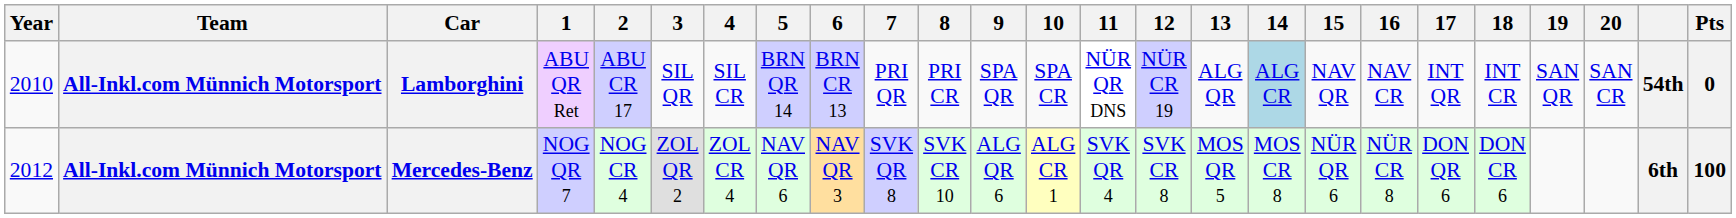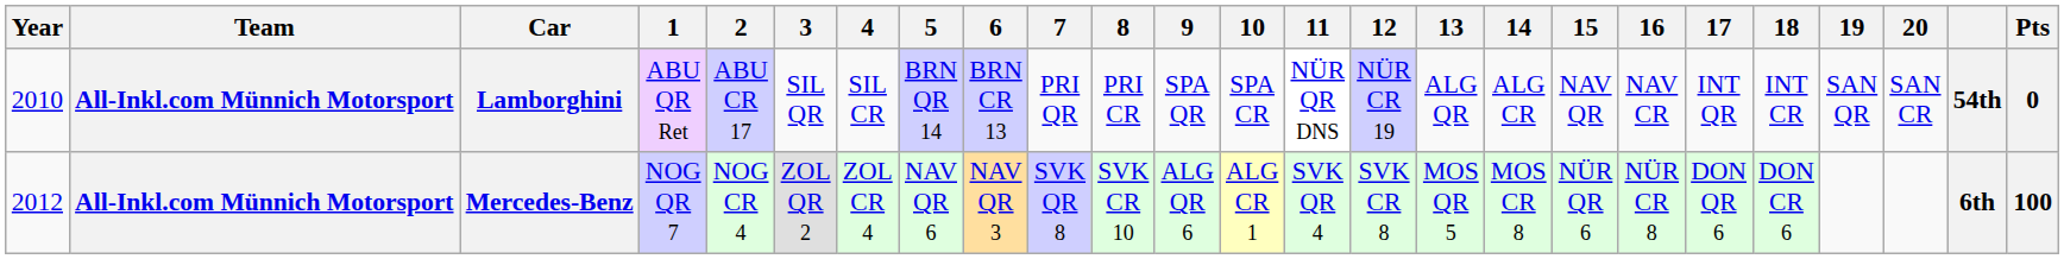 <table class="wikitable" border="1" style="text-align:center; font-size:90%;">
 <tr>
 <th>Year</th>
 <th>Team</th>
 <th>Car</th>
 <th>1</th>
 <th>2</th>
 <th>3</th>
 <th>4</th>
 <th>5</th>
 <th>6</th>
 <th>7</th>
 <th>8</th>
 <th>9</th>
 <th>10</th>
 <th>11</th>
 <th>12</th>
 <th>13</th>
 <th>14</th>
 <th>15</th>
 <th>16</th>
 <th>17</th>
 <th>18</th>
 <th>19</th>
 <th>20</th>
 <th></th>
 <th>Pts</th>
 </tr>
 <tr>
 <td><a href='#'>2010</a></td>
 <th><a href='#'>All-Inkl.com Münnich Motorsport</a></th>
 <th><a href='#'>Lamborghini</a></th>
 <td style="background:#EFCFFF;"><a href='#'>ABU<br>QR</a><br><small>Ret<br></small></td>
 <td style="background:#CFCFFF;"><a href='#'>ABU<br>CR</a><br><small>17<br></small></td>
 <td><a href='#'>SIL<br>QR</a></td>
 <td><a href='#'>SIL<br>CR</a></td>
 <td style="background:#CFCFFF;"><a href='#'>BRN<br>QR</a><br><small>14<br></small></td>
 <td style="background:#CFCFFF;"><a href='#'>BRN<br>CR</a><br><small>13<br></small></td>
 <td><a href='#'>PRI<br>QR</a></td>
 <td><a href='#'>PRI<br>CR</a></td>
 <td><a href='#'>SPA<br>QR</a></td>
 <td><a href='#'>SPA<br>CR</a></td>
 <td style="background:#FFFFFF;"><a href='#'>NÜR<br>QR</a><br><small>DNS<br></small></td>
 <td style="background:#CFCFFF;"><a href='#'>NÜR<br>CR</a><br><small>19<br></small></td>
 <td><a href='#'>ALG<br>QR</a></td>
-<td style="background: lightblue;"><a href='#'>ALG<br>CR</a></td>
+<td><a href='#'>ALG<br>CR</a></td>
 <td><a href='#'>NAV<br>QR</a></td>
 <td><a href='#'>NAV<br>CR</a></td>
 <td><a href='#'>INT<br>QR</a></td>
 <td><a href='#'>INT<br>CR</a></td>
 <td><a href='#'>SAN<br>QR</a></td>
 <td><a href='#'>SAN<br>CR</a></td>
 <th>54th</th>
 <th>0</th>
 </tr>
 <tr>
 <td><a href='#'>2012</a></td>
 <th><a href='#'>All-Inkl.com Münnich Motorsport</a></th>
 <th><a href='#'>Mercedes-Benz</a></th>
 <td style="background:#CFCFFF;"><a href='#'>NOG<br>QR</a><br><small>7<br></small></td>
 <td style="background:#DFFFDF;"><a href='#'>NOG<br>CR</a><br><small>4<br></small></td>
 <td style="background:#DFDFDF;"><a href='#'>ZOL<br>QR</a><br><small>2<br></small></td>
 <td style="background:#DFFFDF;"><a href='#'>ZOL<br>CR</a><br><small>4<br></small></td>
 <td style="background:#DFFFDF;"><a href='#'>NAV<br>QR</a><br><small>6<br></small></td>
 <td style="background:#FFDF9F;"><a href='#'>NAV<br>QR</a><br><small>3<br></small></td>
 <td style="background:#CFCFFF;"><a href='#'>SVK<br>QR</a><br><small>8<br></small></td>
 <td style="background:#DFFFDF;"><a href='#'>SVK<br>CR</a><br><small>10<br></small></td>
 <td style="background:#DFFFDF;"><a href='#'>ALG<br>QR</a><br><small>6<br></small></td>
 <td style="background:#FFFFBF;"><a href='#'>ALG<br>CR</a><br><small>1<br></small></td>
 <td style="background:#DFFFDF;"><a href='#'>SVK<br>QR</a><br><small>4<br></small></td>
 <td style="background:#DFFFDF;"><a href='#'>SVK<br>CR</a><br><small>8<br></small></td>
 <td style="background:#DFFFDF;"><a href='#'>MOS<br>QR</a><br><small>5<br></small></td>
 <td style="background:#DFFFDF;"><a href='#'>MOS<br>CR</a><br><small>8<br></small></td>
 <td style="background:#DFFFDF;"><a href='#'>NÜR<br>QR</a><br><small>6<br></small></td>
 <td style="background:#DFFFDF;"><a href='#'>NÜR<br>CR</a><br><small>8<br></small></td>
 <td style="background:#DFFFDF;"><a href='#'>DON<br>QR</a><br><small>6<br></small></td>
 <td style="background:#DFFFDF;"><a href='#'>DON<br>CR</a><br><small>6<br></small></td>
 <td></td>
 <td></td>
 <th>6th</th>
 <th>100</th>
 </tr>
 </table>
